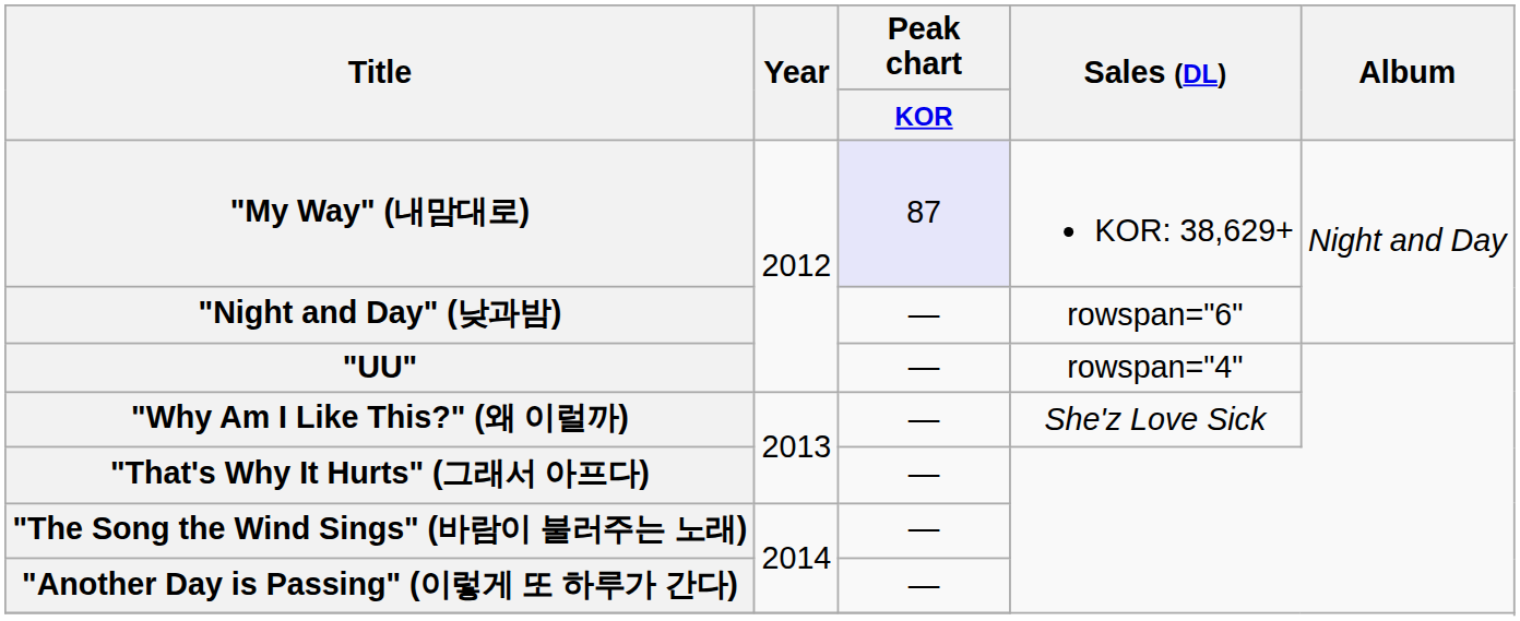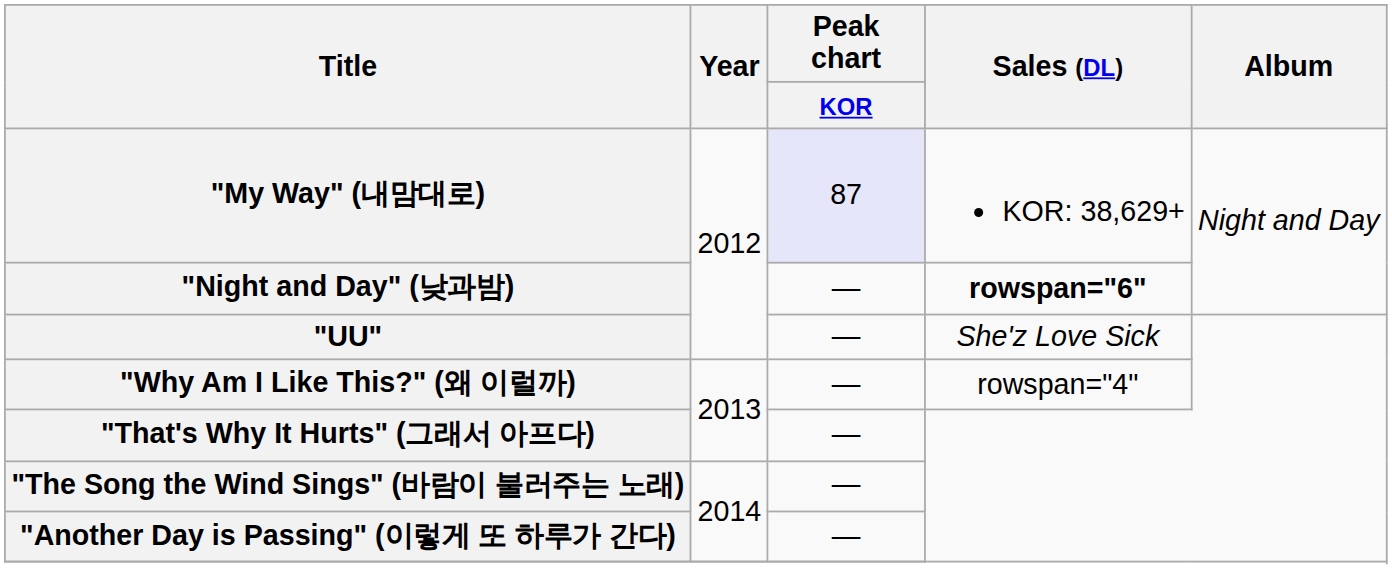 <table class="wikitable plainrowheaders" style="text-align:center;">
 <tr>
 <th scope="col" rowspan="2">Title</th>
 <th scope="col" rowspan="2">Year</th>
 <th scope="col" colspan="1" style="width:5em;">Peak chart</th>
 <th scope="col" rowspan="2">Sales <small>(<a href='#'>DL</a>)</small></th>
 <th scope="col" rowspan="2">Album</th>
 </tr>
 <tr>
 <th><small><a href='#'>KOR</a></small><br></th>
 </tr>
 <tr>
 <th scope="row">"My Way" (내맘대로)</th>
 <td rowspan="3">2012</td>
 <td style="background: lavender;">87</td>
 <td><br><ul><li>KOR: 38,629+</li></ul></td>
 <td rowspan="2"><em>Night and Day</em></td>
 </tr>
 <tr>
 <th scope="row">"Night and Day" (낮과밤)</th>
 <td>—</td>
-<td>rowspan="6" </td>
+<td><strong>rowspan="6" </strong></td>
 </tr>
 <tr>
 <th scope="row">"UU"</th>
 <td>—</td>
-<td>rowspan="4" </td>
+<td><em>She'z Love Sick</em></td>
 </tr>
 <tr>
 <th scope="row">"Why Am I Like This?" (왜 이럴까)</th>
 <td rowspan="2">2013</td>
 <td>—</td>
-<td><em>She'z Love Sick</em></td>
+<td>rowspan="4" </td>
 </tr>
 <tr>
 <th scope="row">"That's Why It Hurts" (그래서 아프다)</th>
 <td>—</td>
 </tr>
 <tr>
 <th scope="row">"The Song the Wind Sings" (바람이 불러주는 노래)</th>
 <td rowspan="2">2014</td>
 <td>—</td>
 </tr>
 <tr>
 <th scope="row">"Another Day is Passing" (이렇게 또 하루가 간다)</th>
 <td>—</td>
 </tr>
 <tr>
 </tr>
 </table>
